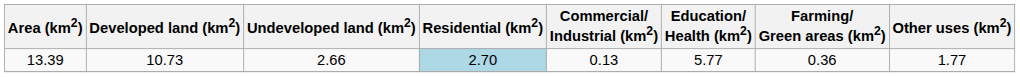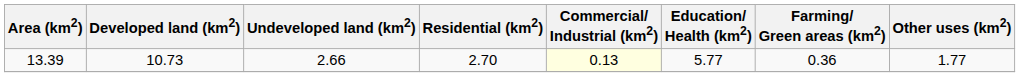 <table class="wikitable" style="text-align: center;">
 <tr>
 <th>Area (km<sup>2</sup>)</th>
 <th>Developed land (km<sup>2</sup>)</th>
 <th>Undeveloped land (km<sup>2</sup>)</th>
 <th>Residential (km<sup>2</sup>)</th>
 <th>Commercial/<br> Industrial (km<sup>2</sup>)</th>
 <th>Education/<br> Health (km<sup>2</sup>)</th>
 <th>Farming/<br> Green areas (km<sup>2</sup>)</th>
 <th>Other uses (km<sup>2</sup>)</th>
 </tr>
 <tr>
 <td>13.39</td>
 <td>10.73</td>
 <td>2.66</td>
-<td style="background: lightblue;">2.70</td>
-<td>0.13</td>
+<td>2.70</td>
+<td style="background: lightyellow;">0.13</td>
 <td>5.77</td>
 <td>0.36</td>
 <td>1.77</td>
 </tr>
 <tr>
 </tr>
 </table>
